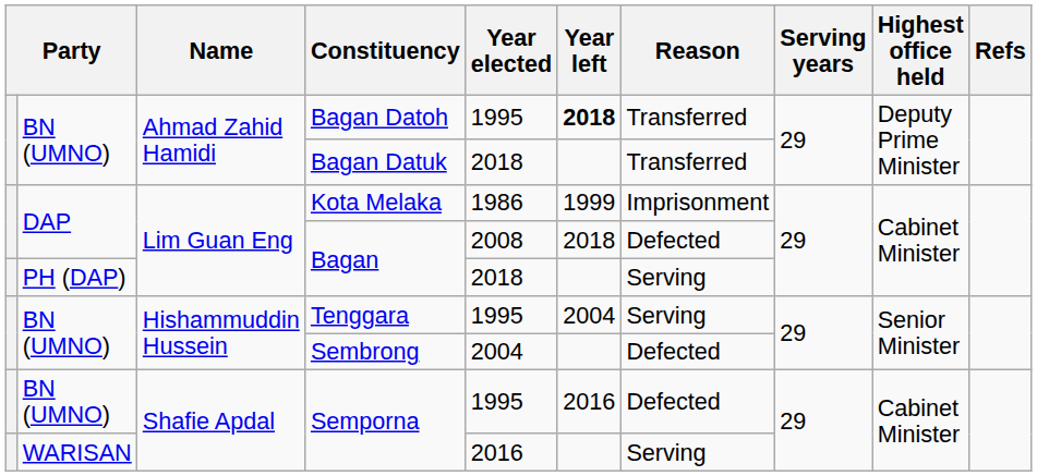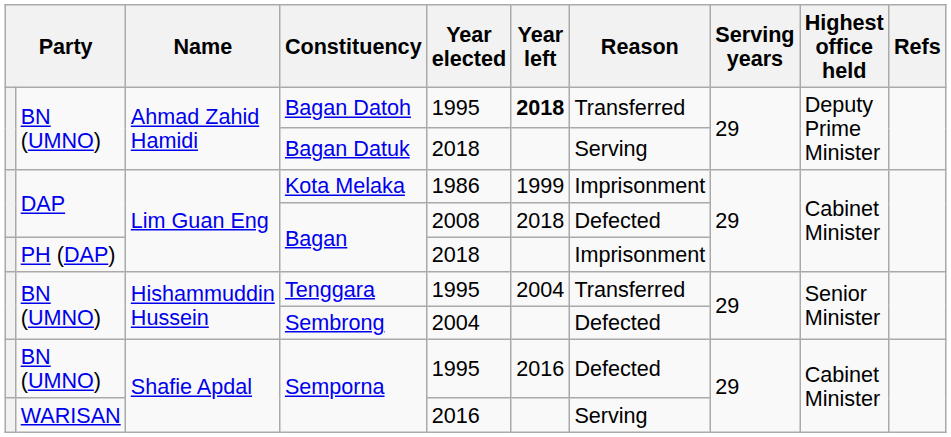 <table class="wikitable sortable" style="margin:0.5em; font-size:90%">
 <tr>
 <th colspan=2>Party</th>
 <th>Name</th>
 <th>Constituency</th>
 <th>Year elected</th>
 <th>Year left</th>
 <th>Reason</th>
 <th>Serving years</th>
 <th>Highest office held</th>
 <th>Refs</th>
 </tr>
 <tr>
 <th rowspan=2 style="background-color: "></th>
 <td rowspan=2><a href='#'>BN</a> (<a href='#'>UMNO</a>)</td>
 <td rowspan=2><a href='#'>Ahmad Zahid Hamidi</a></td>
 <td><a href='#'>Bagan Datoh</a></td>
 <td>1995</td>
 <td><strong>2018</strong></td>
 <td>Transferred</td>
 <td rowspan=2>29</td>
 <td rowspan=2>Deputy Prime Minister</td>
 <td rowspan=2></td>
 </tr>
 <tr>
 <td><a href='#'>Bagan Datuk</a></td>
 <td>2018</td>
 <td></td>
-<td>Transferred</td>
+<td>Serving</td>
 </tr>
 <tr>
 <th rowspan=2 style="background-color: "></th>
 <td rowspan=2><a href='#'>DAP</a></td>
 <td rowspan=3><a href='#'>Lim Guan Eng</a></td>
 <td><a href='#'>Kota Melaka</a></td>
 <td>1986</td>
 <td>1999</td>
 <td>Imprisonment</td>
 <td rowspan=3>29</td>
 <td rowspan=3>Cabinet Minister</td>
 <td rowspan=3></td>
 </tr>
 <tr>
 <td rowspan=2><a href='#'>Bagan</a></td>
 <td>2008</td>
 <td>2018</td>
 <td>Defected</td>
 </tr>
 <tr>
 <th style="background-color: "></th>
 <td><a href='#'>PH</a> (<a href='#'>DAP</a>)</td>
 <td>2018</td>
 <td></td>
-<td>Serving</td>
+<td>Imprisonment</td>
 </tr>
 <tr>
 <th rowspan=2 style="background-color: "></th>
 <td rowspan=2><a href='#'>BN</a> (<a href='#'>UMNO</a>)</td>
 <td rowspan=2><a href='#'>Hishammuddin Hussein</a></td>
 <td><a href='#'>Tenggara</a></td>
 <td>1995</td>
 <td>2004</td>
-<td>Serving</td>
+<td>Transferred</td>
 <td rowspan=2>29</td>
 <td rowspan=2>Senior Minister</td>
 <td rowspan=2></td>
 </tr>
 <tr>
 <td><a href='#'>Sembrong</a></td>
 <td>2004</td>
 <td></td>
 <td>Defected</td>
 </tr>
 <tr>
 <th style="background-color: "></th>
 <td><a href='#'>BN</a> (<a href='#'>UMNO</a>)</td>
 <td rowspan=2><a href='#'>Shafie Apdal</a></td>
 <td rowspan=2><a href='#'>Semporna</a></td>
 <td>1995</td>
 <td>2016</td>
 <td>Defected</td>
 <td rowspan=2>29</td>
 <td rowspan=2>Cabinet Minister</td>
 <td rowspan="2"></td>
 </tr>
 <tr>
 <th style="background-color: "></th>
 <td><a href='#'>WARISAN</a></td>
 <td>2016</td>
 <td></td>
 <td>Serving</td>
 </tr>
 </table>
